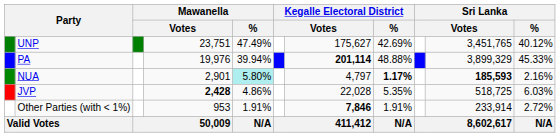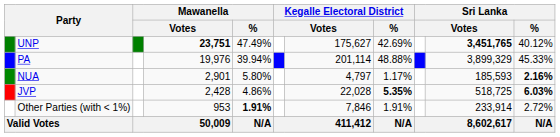 <table class="wikitable">
 <tr>
 <th colspan="2" width="144px"rowspan="2">Party</th>
 <th colspan="3" width="216px">Mawanella</th>
 <th colspan="3" width="216px"><a href='#'>Kegalle Electoral District</a></th>
 <th colspan="3" width="216px">Sri Lanka</th>
 </tr>
 <tr>
 <th colspan="2" width="144px">Votes</th>
 <th>%</th>
 <th colspan="2" width="144px">Votes</th>
 <th>%</th>
 <th colspan="2" width="144px">Votes</th>
 <th>%</th>
 </tr>
 <tr>
 <td style="background-color:green;" width="10px"></td>
 <td style="text-align:left;"><a href='#'>UNP</a></td>
 <td style="background-color:green;" width="10px"></td>
-<td style="text-align:right;">23,751</td>
+<td style="text-align:right;"><strong>23,751</strong></td>
 <td style="text-align:right;">47.49%</td>
 <td style="background-color:white;" width="10px"></td>
 <td style="text-align:right;">175,627</td>
 <td style="text-align:right;">42.69%</td>
 <td style="background-color:white;" width="10px"></td>
-<td style="text-align:right;">3,451,765</td>
+<td style="text-align:right;"><strong>3,451,765</strong></td>
 <td style="text-align:right;">40.12%</td>
 </tr>
 <tr>
 <td style="background-color:blue;" width="10px"></td>
 <td style="text-align:left;"><a href='#'>PA</a></td>
 <td style="background-color:white;" width="10px"></td>
 <td style="text-align:right;">19,976</td>
 <td style="text-align:right;">39.94%</td>
 <td style="background-color:blue;" width="10px"></td>
-<td style="text-align:right;"><strong>201,114</strong></td>
+<td style="text-align:right;">201,114</td>
 <td style="text-align:right;">48.88%</td>
 <td style="background-color:blue;" width="10px"></td>
 <td style="text-align:right;">3,899,329</td>
 <td style="text-align:right;">45.33%</td>
 </tr>
 <tr>
 <td style="background-color:#008800;" width="10px"></td>
 <td style="text-align:left;"><a href='#'>NUA</a></td>
 <td style="background-color:white;" width="10px"></td>
 <td style="text-align:right;">2,901</td>
-<td style="background: paleturquoise; text-align:right;">5.80%</td>
+<td style="text-align:right;">5.80%</td>
 <td style="background-color:white;" width="10px"></td>
 <td style="text-align:right;">4,797</td>
-<td style="text-align:right;"><strong>1.17%</strong></td>
+<td style="text-align:right;">1.17%</td>
 <td style="background-color:white;" width="10px"></td>
-<td style="text-align:right;"><strong>185,593</strong></td>
-<td style="text-align:right;">2.16%</td>
+<td style="text-align:right;">185,593</td>
+<td style="text-align:right;"><strong>2.16%</strong></td>
 </tr>
 <tr>
 <td style="background-color:red;" width="10px"></td>
 <td style="text-align:left;"><a href='#'>JVP</a></td>
 <td style="background-color:white;" width="10px"></td>
-<td style="text-align:right;"><strong>2,428</strong></td>
+<td style="text-align:right;">2,428</td>
 <td style="text-align:right;">4.86%</td>
 <td style="background-color:white;" width="10px"></td>
 <td style="text-align:right;">22,028</td>
-<td style="text-align:right;">5.35%</td>
+<td style="text-align:right;"><strong>5.35%</strong></td>
 <td style="background-color:white;" width="10px"></td>
 <td style="text-align:right;">518,725</td>
-<td style="text-align:right;">6.03%</td>
+<td style="text-align:right;"><strong>6.03%</strong></td>
 </tr>
 <tr>
 <td style="background-color:white;" width="10px"></td>
 <td style="text-align:left;">Other Parties (with < 1%)</td>
 <td style="background-color:white;" width="10px"></td>
 <td style="text-align:right;">953</td>
-<td style="text-align:right;">1.91%</td>
+<td style="text-align:right;"><strong>1.91%</strong></td>
 <td style="background-color:white;" width="10px"></td>
-<td style="text-align:right;"><strong>7,846</strong></td>
+<td style="text-align:right;">7,846</td>
 <td style="text-align:right;">1.91%</td>
 <td style="background-color:white;" width="10px"></td>
 <td style="text-align:right;">233,914</td>
 <td style="text-align:right;">2.72%</td>
 </tr>
 <tr>
 <th colspan="2" width="144px"style="text-align:left;">Valid Votes</th>
 <th style="text-align:right;"colspan="2" width="144px">50,009</th>
 <th style="text-align:right;">N/A</th>
 <th style="text-align:right;"colspan="2" width="144px">411,412</th>
 <th style="text-align:right;">N/A</th>
 <th style="text-align:right;"colspan="2" width="144px">8,602,617</th>
 <th style="text-align:right;">N/A</th>
 </tr>
 </table>
